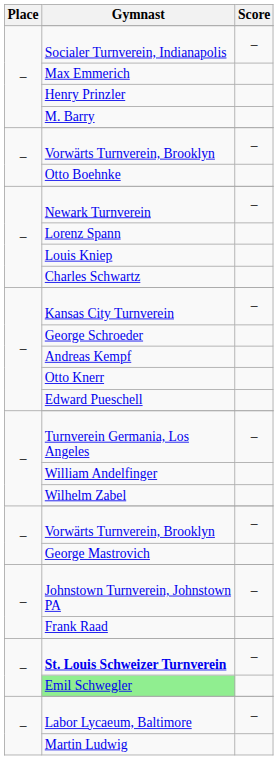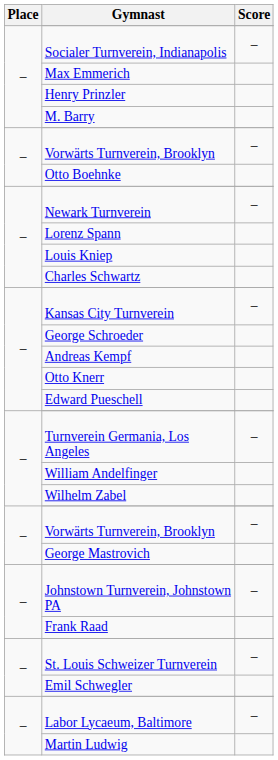 <table class=wikitable style="text-align:center">
 <tr>
 <th>Place</th>
 <th width=220>Gymnast</th>
 <th>Score</th>
 </tr>
 <tr>
 <td rowspan=5 align=center>–</td>
 </tr>
 <tr>
 <td align=left> <br> <a href='#'>Socialer Turnverein, Indianapolis</a></td>
 <td>–</td>
 </tr>
 <tr>
 <td align=left><a href='#'>Max Emmerich</a></td>
 <td></td>
 </tr>
 <tr>
 <td align=left><a href='#'>Henry Prinzler</a></td>
 <td></td>
 </tr>
 <tr>
 <td align=left><a href='#'>M. Barry</a></td>
 <td></td>
 </tr>
 <tr>
 <td rowspan=3 align=center>–</td>
 </tr>
 <tr>
 <td align=left> <br> <a href='#'>Vorwärts Turnverein, Brooklyn</a></td>
 <td>–</td>
 </tr>
 <tr>
 <td align=left><a href='#'>Otto Boehnke</a></td>
 <td></td>
 </tr>
 <tr>
 <td rowspan=5 align=center>–</td>
 </tr>
 <tr>
 <td align=left> <br> <a href='#'>Newark Turnverein</a></td>
 <td>–</td>
 </tr>
 <tr>
 <td align=left><a href='#'>Lorenz Spann</a></td>
 <td></td>
 </tr>
 <tr>
 <td align=left><a href='#'>Louis Kniep</a></td>
 <td></td>
 </tr>
 <tr>
 <td align=left><a href='#'>Charles Schwartz</a></td>
 <td></td>
 </tr>
 <tr>
 <td rowspan=6 align=center>–</td>
 </tr>
 <tr>
 <td align=left> <br> <a href='#'>Kansas City Turnverein</a></td>
 <td>–</td>
 </tr>
 <tr>
 <td align=left><a href='#'>George Schroeder</a></td>
 <td></td>
 </tr>
 <tr>
 <td align=left><a href='#'>Andreas Kempf</a></td>
 <td></td>
 </tr>
 <tr>
 <td align=left><a href='#'>Otto Knerr</a></td>
 <td></td>
 </tr>
 <tr>
 <td align=left><a href='#'>Edward Pueschell</a></td>
 <td></td>
 </tr>
 <tr>
 <td rowspan=4 align=center>–</td>
 </tr>
 <tr>
 <td align=left> <br> <a href='#'>Turnverein Germania, Los Angeles</a></td>
 <td>–</td>
 </tr>
 <tr>
 <td align=left><a href='#'>William Andelfinger</a></td>
 <td></td>
 </tr>
 <tr>
 <td align=left><a href='#'>Wilhelm Zabel</a></td>
 <td></td>
 </tr>
 <tr>
 <td rowspan=3 align=center>–</td>
 </tr>
 <tr>
 <td align=left> <br> <a href='#'>Vorwärts Turnverein, Brooklyn</a></td>
 <td>–</td>
 </tr>
 <tr>
 <td align=left><a href='#'>George Mastrovich</a></td>
 <td></td>
 </tr>
 <tr>
 <td rowspan=3 align=center>–</td>
 </tr>
 <tr>
 <td align=left> <br> <a href='#'>Johnstown Turnverein, Johnstown PA</a></td>
 <td>–</td>
 </tr>
 <tr>
 <td align=left><a href='#'>Frank Raad</a></td>
 <td></td>
 </tr>
 <tr>
 <td rowspan=3 align=center>–</td>
 </tr>
 <tr>
-<td align=left><strong> <br> <a href='#'>St. Louis Schweizer Turnverein</a></strong></td>
+<td align=left> <br> <a href='#'>St. Louis Schweizer Turnverein</a></td>
 <td>–</td>
 </tr>
 <tr>
-<td align=left style="background: lightgreen;"><a href='#'>Emil Schwegler</a></td>
+<td align=left><a href='#'>Emil Schwegler</a></td>
 <td></td>
 </tr>
 <tr>
 <td rowspan=3 align=center>–</td>
 </tr>
 <tr>
 <td align=left> <br> <a href='#'>Labor Lycaeum, Baltimore</a></td>
 <td>–</td>
 </tr>
 <tr>
 <td align=left><a href='#'>Martin Ludwig</a></td>
 <td></td>
 </tr>
 </table>
